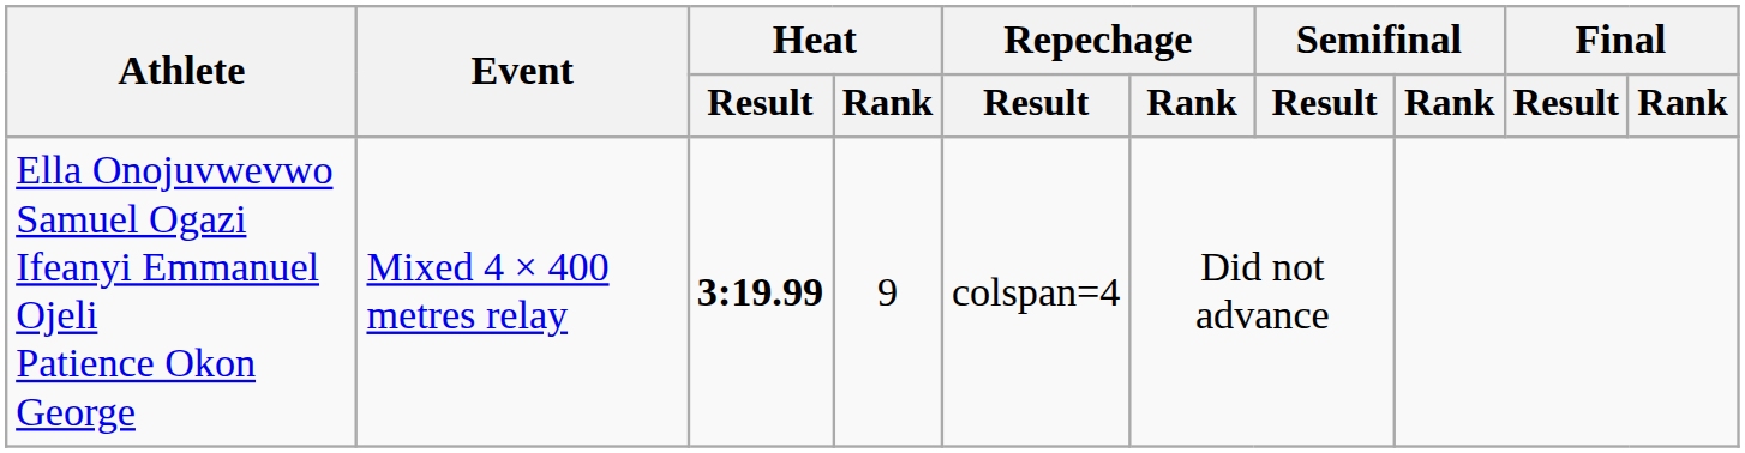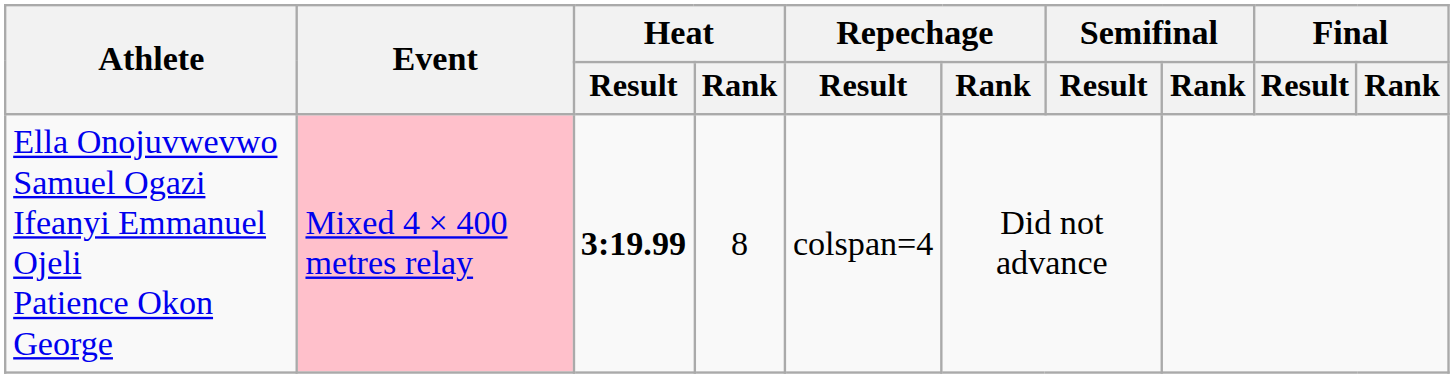 <table class="wikitable" style="font-size:90%">
 <tr>
 <th rowspan="2">Athlete</th>
 <th rowspan="2">Event</th>
 <th colspan="2">Heat</th>
 <th colspan="2">Repechage</th>
 <th colspan="2">Semifinal</th>
 <th colspan="2">Final</th>
 </tr>
 <tr style="font-size:95%">
 <th>Result</th>
 <th>Rank</th>
 <th>Result</th>
 <th>Rank</th>
 <th>Result</th>
 <th>Rank</th>
 <th>Result</th>
 <th>Rank</th>
 </tr>
 <tr align=center>
 <td align=left><a href='#'>Ella Onojuvwevwo</a><br><a href='#'>Samuel Ogazi</a><br><a href='#'>Ifeanyi Emmanuel Ojeli</a><br><a href='#'>Patience Okon George</a></td>
-<td align=left><a href='#'>Mixed 4 × 400 metres relay</a></td>
+<td align=left style="background: pink;"><a href='#'>Mixed 4 × 400 metres relay</a></td>
 <td><strong>3:19.99</strong></td>
-<td>9</td>
+<td>8</td>
 <td>colspan=4 </td>
 <td colspan="2">Did not advance</td>
 </tr>
 </table>
